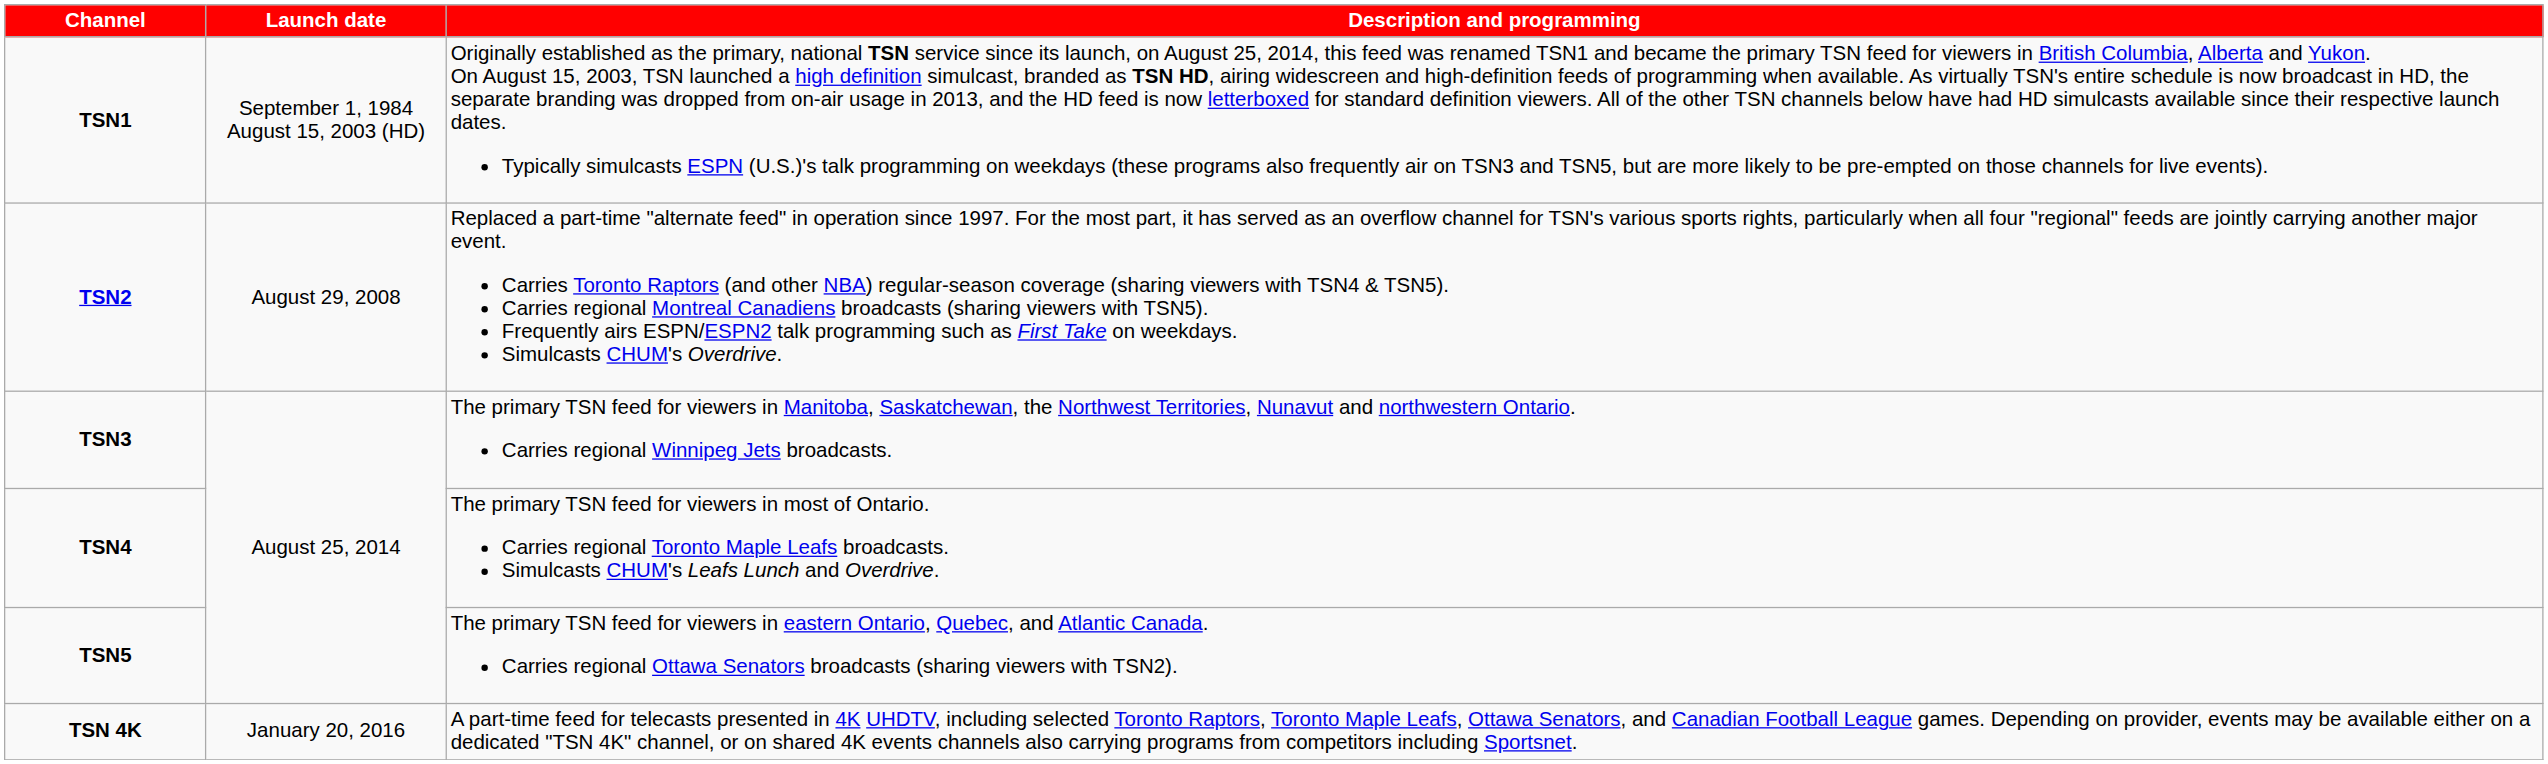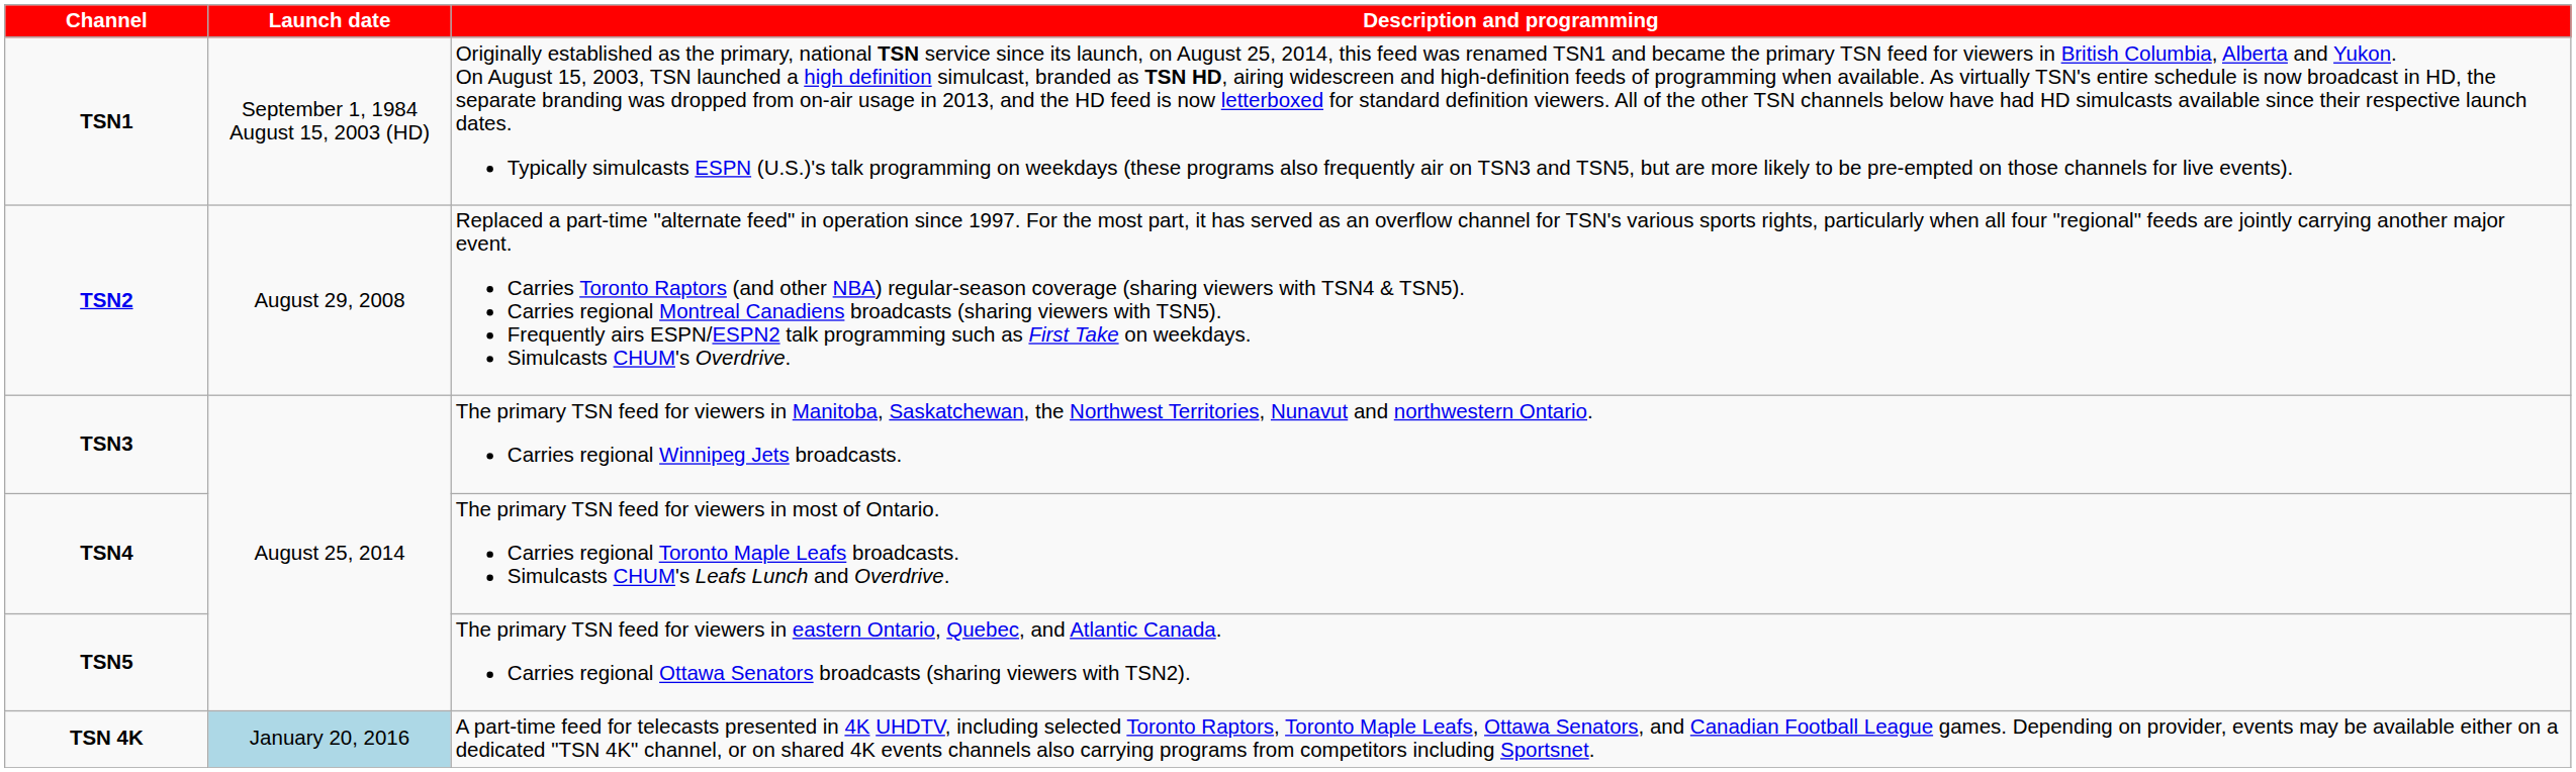 <table class="wikitable" text-align: center; width="100%">
 <tr style="color:white;">
 <th style="background-color:red;color:white;">Channel</th>
 <th style="background-color:red;color:white;">Launch date</th>
 <th style="background-color:red;color:white;">Description and programming</th>
 </tr>
 <tr>
 <td align="center" width="150px"><strong>TSN1</strong></td>
 <td align="center" width="180px">September 1, 1984 <br> August 15, 2003 (HD)</td>
 <td>Originally established as the primary, national <strong>TSN</strong> service since its launch, on August 25, 2014, this feed was renamed TSN1 and became the primary TSN feed for viewers in <a href='#'>British Columbia</a>, <a href='#'>Alberta</a> and <a href='#'>Yukon</a>.<br>On August 15, 2003, TSN launched a <a href='#'>high definition</a> simulcast, branded as <strong>TSN HD</strong>, airing widescreen and high-definition feeds of programming when available. As virtually TSN's entire schedule is now broadcast in HD, the separate branding was dropped from on-air usage in 2013, and the HD feed is now <a href='#'>letterboxed</a> for standard definition viewers. All of the other TSN channels below have had HD simulcasts available since their respective launch dates.<ul><li>Typically simulcasts <a href='#'>ESPN</a> (U.S.)'s talk programming on weekdays (these programs also frequently air on TSN3 and TSN5, but are more likely to be pre-empted on those channels for live events).</li></ul></td>
 </tr>
 <tr>
 <td align="center" width="150px"><strong><a href='#'>TSN2</a></strong></td>
 <td align="center" width="180px">August 29, 2008</td>
 <td>Replaced a part-time "alternate feed" in operation since 1997. For the most part, it has served as an overflow channel for TSN's various sports rights, particularly when all four "regional" feeds are jointly carrying another major event.<br><ul><li>Carries <a href='#'>Toronto Raptors</a> (and other <a href='#'>NBA</a>) regular-season coverage (sharing viewers with TSN4 & TSN5).</li><li>Carries regional <a href='#'>Montreal Canadiens</a> broadcasts (sharing viewers with TSN5).</li><li>Frequently airs ESPN/<a href='#'>ESPN2</a> talk programming such as <em><a href='#'>First Take</a></em> on weekdays.</li><li>Simulcasts <a href='#'>CHUM</a>'s <em>Overdrive</em>.</li></ul></td>
 </tr>
 <tr>
 <td align="center" width="150px"><strong>TSN3</strong></td>
 <td rowspan="3" align="center" width="180px">August 25, 2014</td>
 <td>The primary TSN feed for viewers in <a href='#'>Manitoba</a>, <a href='#'>Saskatchewan</a>, the <a href='#'>Northwest Territories</a>, <a href='#'>Nunavut</a> and <a href='#'>northwestern Ontario</a>.<br><ul><li>Carries regional <a href='#'>Winnipeg Jets</a> broadcasts.</li></ul></td>
 </tr>
 <tr>
 <td align="center" width="150px"><strong>TSN4</strong></td>
 <td>The primary TSN feed for viewers in most of Ontario.<br><ul><li>Carries regional <a href='#'>Toronto Maple Leafs</a> broadcasts.</li><li>Simulcasts <a href='#'>CHUM</a>'s <em>Leafs Lunch</em> and <em>Overdrive</em>.</li></ul></td>
 </tr>
 <tr>
 <td align="center" width="150px"><strong>TSN5</strong></td>
 <td>The primary TSN feed for viewers in <a href='#'>eastern Ontario</a>, <a href='#'>Quebec</a>, and <a href='#'>Atlantic Canada</a>.<br><ul><li>Carries regional <a href='#'>Ottawa Senators</a> broadcasts (sharing viewers with TSN2).</li></ul></td>
 </tr>
 <tr>
 <td align="center" width="150px"><strong>TSN 4K</strong></td>
-<td align="center">January 20, 2016</td>
+<td align="center" style="background: lightblue;">January 20, 2016</td>
 <td>A part-time feed for telecasts presented in <a href='#'>4K</a> <a href='#'>UHDTV</a>, including selected <a href='#'>Toronto Raptors</a>, <a href='#'>Toronto Maple Leafs</a>, <a href='#'>Ottawa Senators</a>, and <a href='#'>Canadian Football League</a> games. Depending on provider, events may be available either on a dedicated "TSN 4K" channel, or on shared 4K events channels also carrying programs from competitors including <a href='#'>Sportsnet</a>.</td>
 </tr>
 </table>
